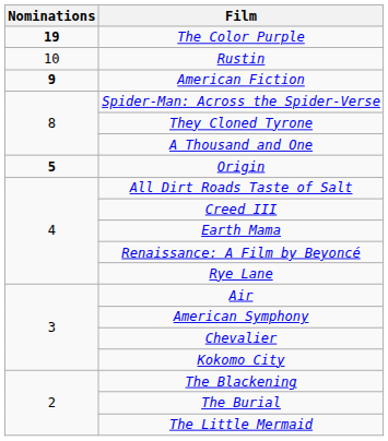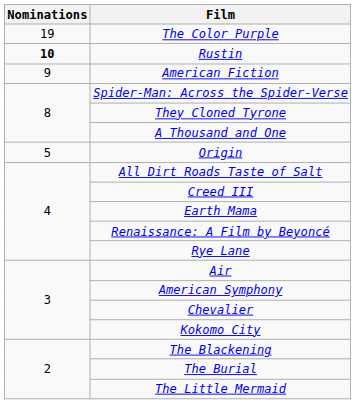 <table class="wikitable" rowspan="2" style="text-align:center" background: #f6e39c;>
 <tr>
 <th scope="col" style="width:55px;">Nominations</th>
 <th scope="col" style="text-align:center;">Film</th>
 </tr>
 <tr>
-<td><strong>19</strong></td>
+<td>19</td>
 <td><em><a href='#'>The Color Purple</a></em></td>
 </tr>
 <tr>
-<td>10</td>
+<td><strong>10</strong></td>
 <td><em><a href='#'>Rustin</a></em></td>
 </tr>
 <tr>
-<td><strong>9</strong></td>
+<td>9</td>
 <td><em><a href='#'>American Fiction</a></em></td>
 </tr>
 <tr>
 <td rowspan=3>8</td>
 <td><em><a href='#'>Spider-Man: Across the Spider-Verse</a></em></td>
 </tr>
 <tr>
 <td><em><a href='#'>They Cloned Tyrone</a></em></td>
 </tr>
 <tr>
 <td><em><a href='#'>A Thousand and One</a></em></td>
 </tr>
 <tr>
-<td><strong>5</strong></td>
+<td>5</td>
 <td><em><a href='#'>Origin</a></em></td>
 </tr>
 <tr>
 <td rowspan=5>4</td>
 <td><em><a href='#'>All Dirt Roads Taste of Salt</a></em></td>
 </tr>
 <tr>
 <td><em><a href='#'>Creed III</a></em></td>
 </tr>
 <tr>
 <td><em><a href='#'>Earth Mama</a></em></td>
 </tr>
 <tr>
 <td><em><a href='#'>Renaissance: A Film by Beyoncé</a></em></td>
 </tr>
 <tr>
 <td><em><a href='#'>Rye Lane</a></em></td>
 </tr>
 <tr>
 <td rowspan=4>3</td>
 <td><em><a href='#'>Air</a></em></td>
 </tr>
 <tr>
 <td><em><a href='#'>American Symphony</a></em></td>
 </tr>
 <tr>
 <td><em><a href='#'>Chevalier</a></em></td>
 </tr>
 <tr>
 <td><em><a href='#'>Kokomo City</a></em></td>
 </tr>
 <tr>
 <td rowspan=3>2</td>
 <td><em><a href='#'>The Blackening</a></em></td>
 </tr>
 <tr>
 <td><em><a href='#'>The Burial</a></em></td>
 </tr>
 <tr>
 <td><em><a href='#'>The Little Mermaid</a></em></td>
 </tr>
 </table>
